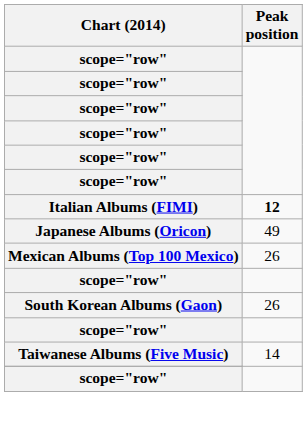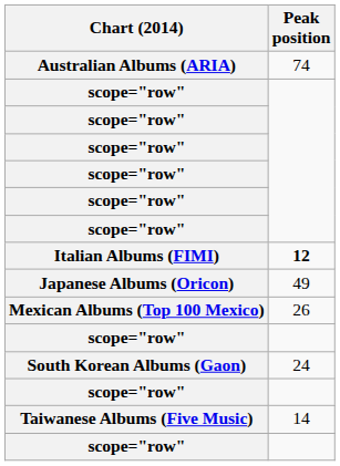 <table class="wikitable sortable plainrowheaders">
 <tr>
 <th>Chart (2014)</th>
 <th>Peak<br>position</th>
+</tr>
+<tr>
+<th scope="row">Australian Albums (<a href='#'>ARIA</a>)</th>
+<td style="text-align:center;">74</td>
 </tr>
 <tr>
 <th>scope="row" </th>
 </tr>
 <tr>
 <th>scope="row" </th>
 </tr>
 <tr>
 <th>scope="row"</th>
 </tr>
 <tr>
 <th>scope="row" </th>
 </tr>
 <tr>
 <th>scope="row" </th>
 </tr>
 <tr>
 <th>scope="row" </th>
 </tr>
 <tr>
 <th scope="row">Italian Albums (<a href='#'>FIMI</a>)</th>
 <td style="text-align:center;"><strong>12</strong></td>
 </tr>
 <tr>
 <th scope="row">Japanese Albums (<a href='#'>Oricon</a>)</th>
 <td style="text-align:center;">49</td>
 </tr>
 <tr>
 <th scope="row">Mexican Albums (<a href='#'>Top 100 Mexico</a>)</th>
 <td style="text-align:center;">26</td>
 </tr>
 <tr>
 <th>scope="row" </th>
 </tr>
 <tr>
 <th scope="row">South Korean Albums (<a href='#'>Gaon</a>)</th>
-<td style="text-align:center;">26</td>
+<td style="text-align:center;">24</td>
 </tr>
 <tr>
 <th>scope="row" </th>
 </tr>
 <tr>
 <th scope="row">Taiwanese Albums (<a href='#'>Five Music</a>)</th>
 <td style="text-align:center;">14</td>
 </tr>
 <tr>
 </tr>
 <tr>
 <th>scope="row" </th>
 </tr>
 </table>
